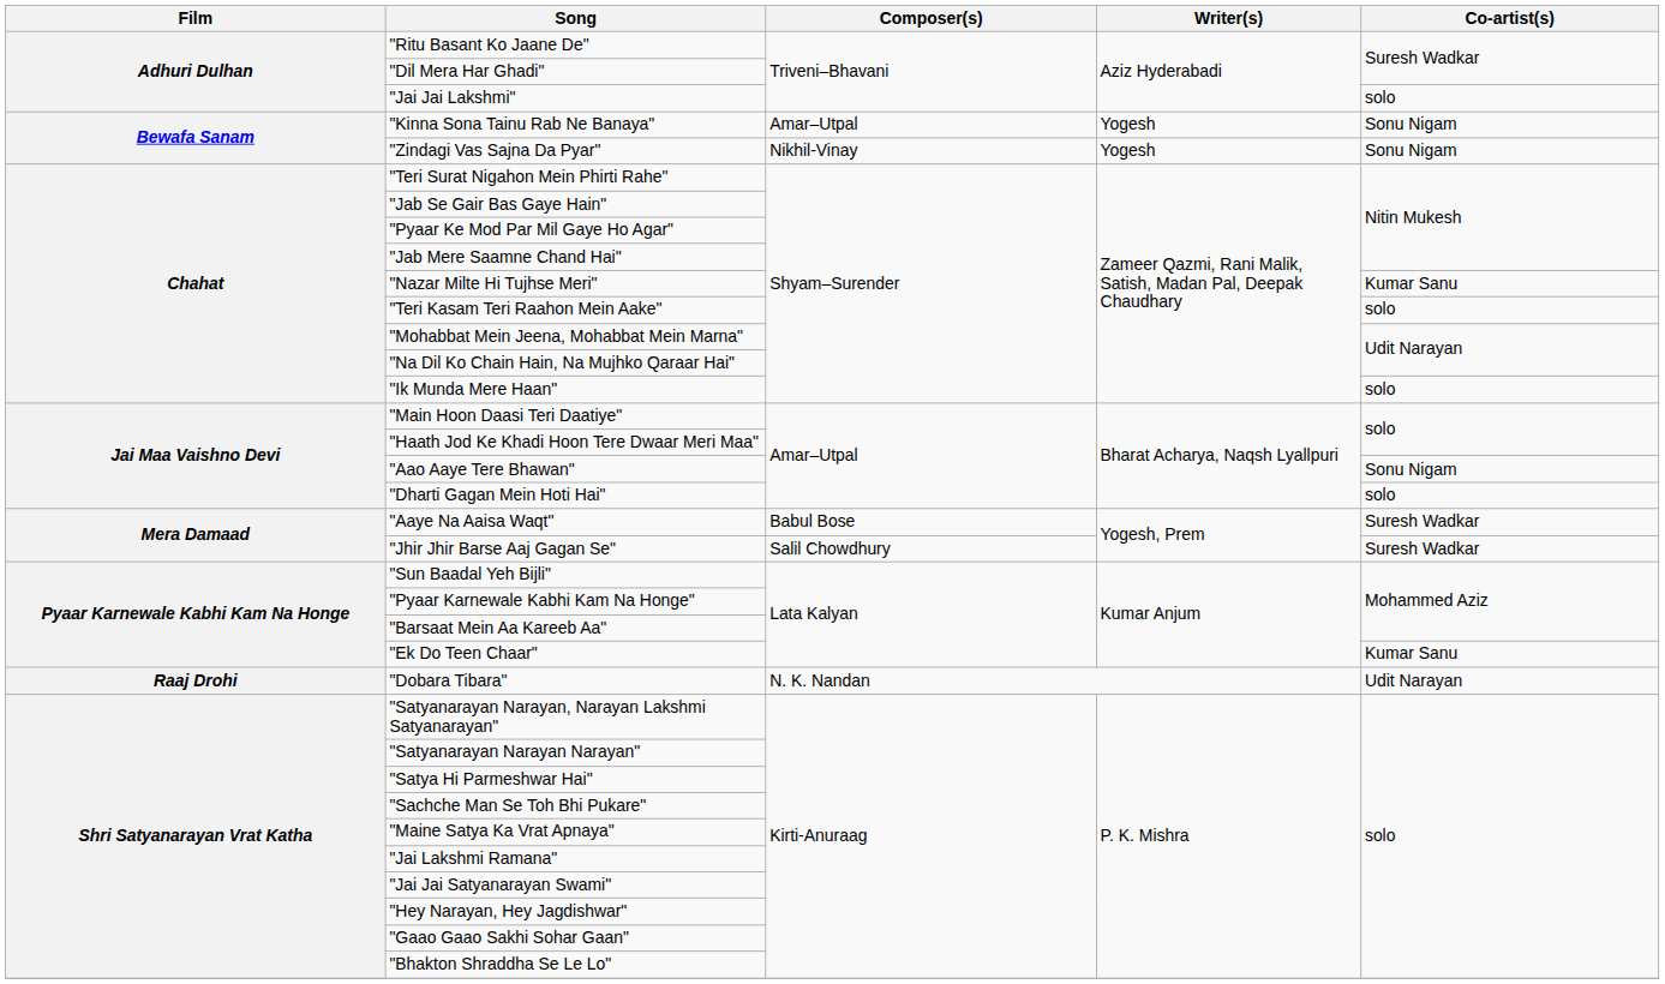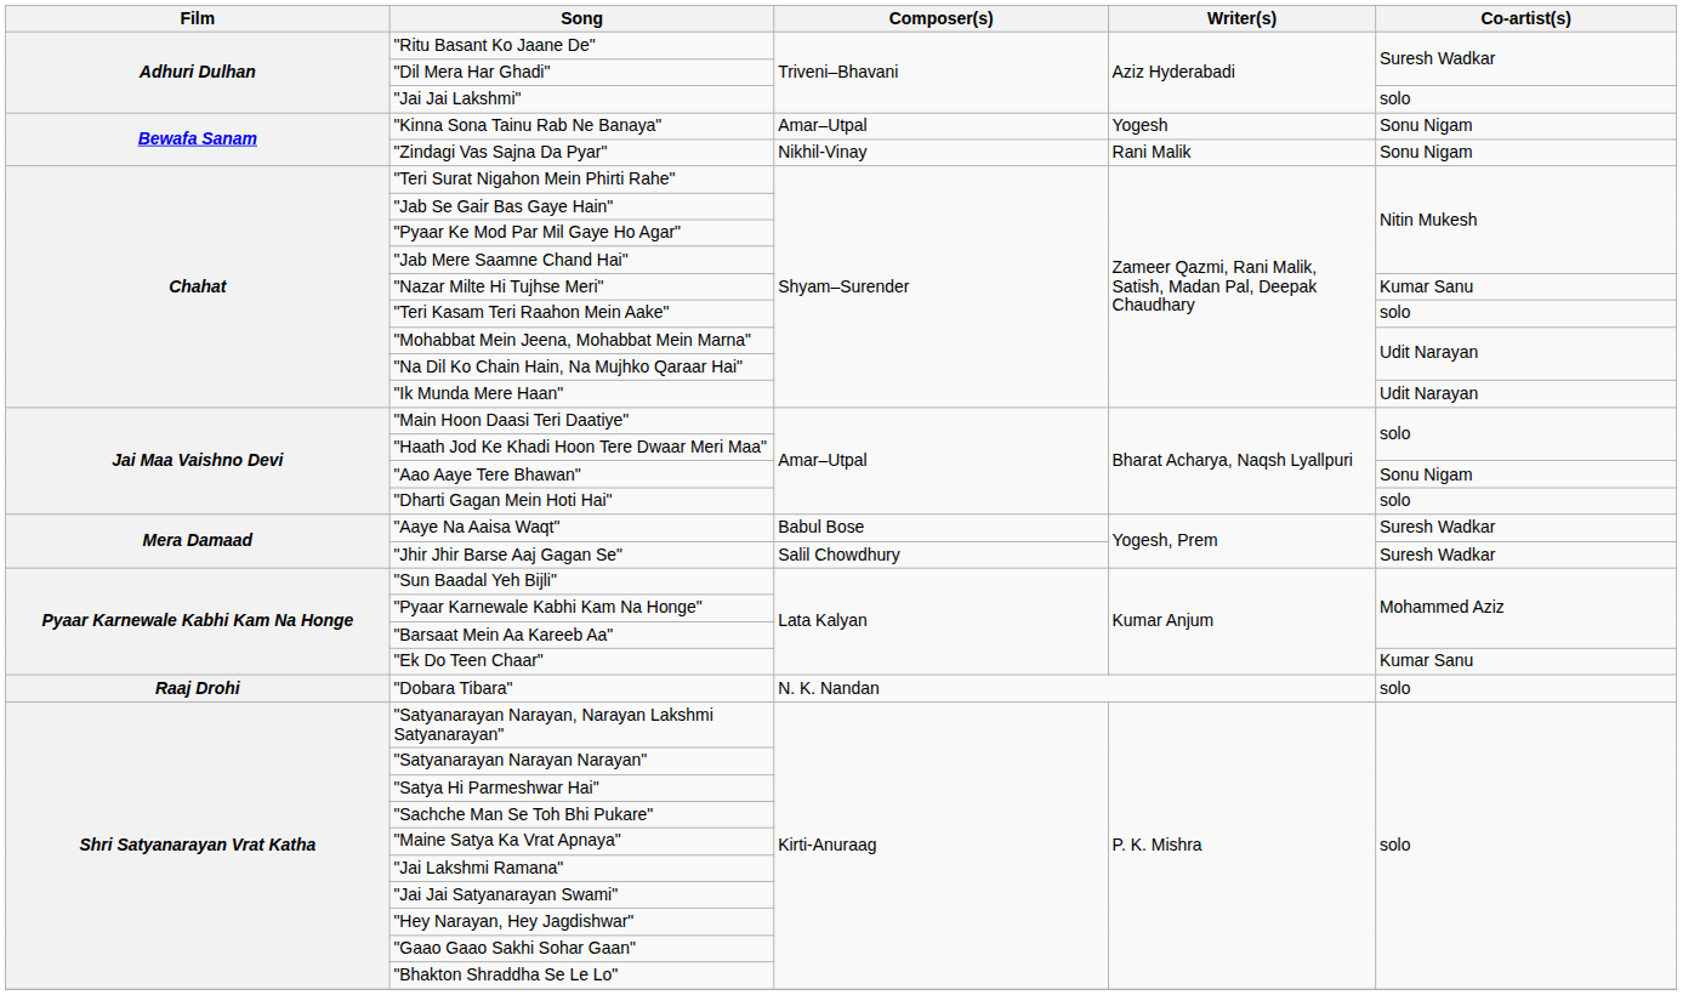 <table class="wikitable plainrowheaders" style="width:100%; textcolor:#000">
 <tr style="background:#b0e0e66;">
 <th scope="col" style="width:23%;"><strong>Film</strong></th>
 <th scope="col" style="width:23%;"><strong>Song</strong></th>
 <th scope="col" style="width:20%;"><strong>Composer(s)</strong></th>
 <th scope="col" style="width:16%;"><strong>Writer(s)</strong></th>
 <th scope="col" style="width:18%;"><strong>Co-artist(s)</strong></th>
 </tr>
 <tr>
 <th rowspan=3><em>Adhuri Dulhan</em></th>
 <td>"Ritu Basant Ko Jaane De"</td>
 <td Rowspan=3>Triveni–Bhavani</td>
 <td rowspan=3>Aziz Hyderabadi</td>
 <td rowspan=2>Suresh Wadkar</td>
 </tr>
 <tr>
 <td>"Dil Mera Har Ghadi"</td>
 </tr>
 <tr>
 <td>"Jai Jai Lakshmi"</td>
 <td>solo</td>
 </tr>
 <tr>
 <th Rowspan=2><em><a href='#'>Bewafa Sanam</a></em></th>
 <td>"Kinna Sona Tainu Rab Ne Banaya"</td>
 <td>Amar–Utpal</td>
 <td>Yogesh</td>
 <td>Sonu Nigam</td>
 </tr>
 <tr>
 <td>"Zindagi Vas Sajna Da Pyar"</td>
 <td>Nikhil-Vinay</td>
-<td>Yogesh</td>
+<td>Rani Malik</td>
 <td>Sonu Nigam</td>
 </tr>
 <tr>
 <th Rowspan=9><em>Chahat</em></th>
 <td>"Teri Surat Nigahon Mein Phirti Rahe"</td>
 <td rowspan=9>Shyam–Surender</td>
 <td rowspan=9>Zameer Qazmi, Rani Malik, Satish, Madan Pal, Deepak Chaudhary</td>
 <td rowspan=4>Nitin Mukesh</td>
 </tr>
 <tr>
 <td>"Jab Se Gair Bas Gaye Hain"</td>
 </tr>
 <tr>
 <td>"Pyaar Ke Mod Par Mil Gaye Ho Agar"</td>
 </tr>
 <tr>
 <td>"Jab Mere Saamne Chand Hai"</td>
 </tr>
 <tr>
 <td>"Nazar Milte Hi Tujhse Meri"</td>
 <td>Kumar Sanu</td>
 </tr>
 <tr>
 <td>"Teri Kasam Teri Raahon Mein Aake"</td>
 <td>solo</td>
 </tr>
 <tr>
 <td>"Mohabbat Mein Jeena, Mohabbat Mein Marna"</td>
 <td Rowspan=2>Udit Narayan</td>
 </tr>
 <tr>
 <td>"Na Dil Ko Chain Hain, Na Mujhko Qaraar Hai"</td>
 </tr>
 <tr>
 <td>"Ik Munda Mere Haan"</td>
-<td>solo</td>
+<td>Udit Narayan</td>
 </tr>
 <tr>
 <th Rowspan=4><em>Jai Maa Vaishno Devi</em></th>
 <td>"Main Hoon Daasi Teri Daatiye"</td>
 <td rowspan=4>Amar–Utpal</td>
 <td rowspan=4>Bharat Acharya, Naqsh Lyallpuri</td>
 <td rowspan=2>solo</td>
 </tr>
 <tr>
 <td>"Haath Jod Ke Khadi Hoon Tere Dwaar Meri Maa"</td>
 </tr>
 <tr>
 <td>"Aao Aaye Tere Bhawan"</td>
 <td>Sonu Nigam</td>
 </tr>
 <tr>
 <td>"Dharti Gagan Mein Hoti Hai"</td>
 <td>solo</td>
 </tr>
 <tr>
 <th rowspan=2><em>Mera Damaad</em></th>
 <td>"Aaye Na Aaisa Waqt"</td>
 <td>Babul Bose</td>
 <td rowspan=2>Yogesh, Prem</td>
 <td>Suresh Wadkar</td>
 </tr>
 <tr>
 <td>"Jhir Jhir Barse Aaj Gagan Se"</td>
 <td>Salil Chowdhury</td>
 <td>Suresh Wadkar</td>
 </tr>
 <tr>
 <th rowspan=4><em>Pyaar Karnewale Kabhi Kam Na Honge</em></th>
 <td>"Sun Baadal Yeh Bijli"</td>
 <td rowspan=4>Lata Kalyan</td>
 <td rowspan=4>Kumar Anjum</td>
 <td rowspan=3>Mohammed Aziz</td>
 </tr>
 <tr>
 <td>"Pyaar Karnewale Kabhi Kam Na Honge"</td>
 </tr>
 <tr>
 <td>"Barsaat Mein Aa Kareeb Aa"</td>
 </tr>
 <tr>
 <td>"Ek Do Teen Chaar"</td>
 <td>Kumar Sanu</td>
 </tr>
 <tr>
 <th><em>Raaj Drohi</em></th>
 <td>"Dobara Tibara"</td>
 <td colspan=2>N. K. Nandan</td>
-<td>Udit Narayan</td>
+<td>solo</td>
 </tr>
 <tr>
 <th Rowspan=10><em>Shri Satyanarayan Vrat Katha</em></th>
 <td>"Satyanarayan Narayan, Narayan Lakshmi Satyanarayan"</td>
 <td rowspan=10>Kirti-Anuraag</td>
 <td rowspan=10>P. K. Mishra</td>
 <td rowspan=10>solo</td>
 </tr>
 <tr>
 <td>"Satyanarayan Narayan Narayan"</td>
 </tr>
 <tr>
 <td>"Satya Hi Parmeshwar Hai"</td>
 </tr>
 <tr>
 <td>"Sachche Man Se Toh Bhi Pukare"</td>
 </tr>
 <tr>
 <td>"Maine Satya Ka Vrat Apnaya"</td>
 </tr>
 <tr>
 <td>"Jai Lakshmi Ramana"</td>
 </tr>
 <tr>
 <td>"Jai Jai Satyanarayan Swami"</td>
 </tr>
 <tr>
 <td>"Hey Narayan, Hey Jagdishwar"</td>
 </tr>
 <tr>
 <td>"Gaao Gaao Sakhi Sohar Gaan"</td>
 </tr>
 <tr>
 <td>"Bhakton Shraddha Se Le Lo"</td>
 </tr>
 <tr>
 </tr>
 </table>
